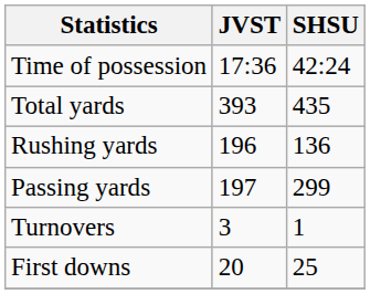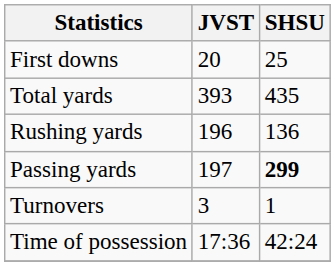 <table class="wikitable" style="float: left;">
 <tr>
 <th>Statistics</th>
 <th>JVST</th>
 <th>SHSU</th>
 </tr>
 <tr>
-<td>Time of possession</td>
-<td>17:36</td>
-<td>42:24</td>
+<td>First downs</td>
+<td>20</td>
+<td>25</td>
 </tr>
 <tr>
 <td>Total yards</td>
 <td>393</td>
 <td>435</td>
 </tr>
 <tr>
 <td>Rushing yards</td>
 <td>196</td>
 <td>136</td>
 </tr>
 <tr>
 <td>Passing yards</td>
 <td>197</td>
-<td>299</td>
+<td><strong>299</strong></td>
 </tr>
 <tr>
 <td>Turnovers</td>
 <td>3</td>
 <td>1</td>
 </tr>
 <tr>
-<td>First downs</td>
-<td>20</td>
-<td>25</td>
+<td>Time of possession</td>
+<td>17:36</td>
+<td>42:24</td>
 </tr>
 <tr>
 </tr>
 </table>
